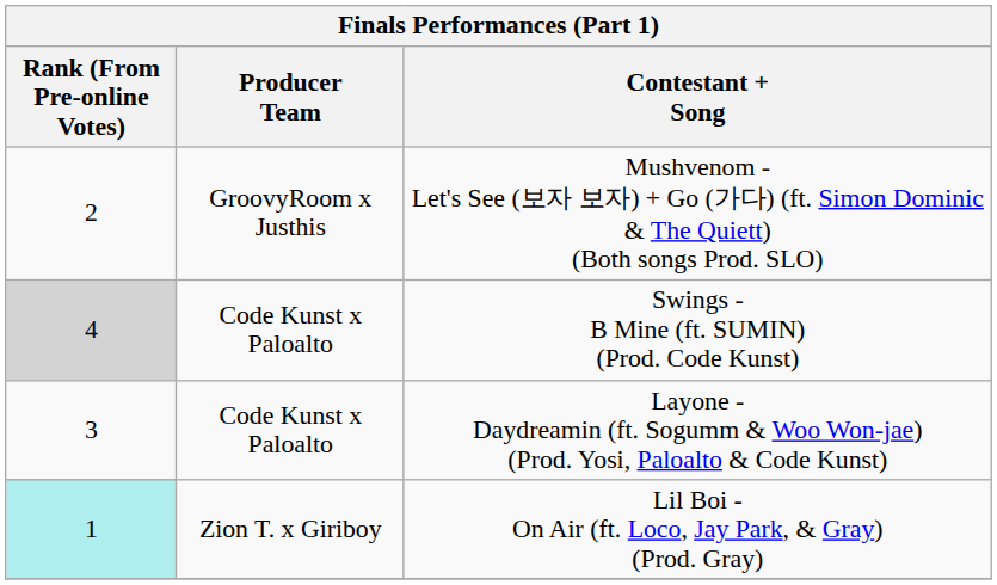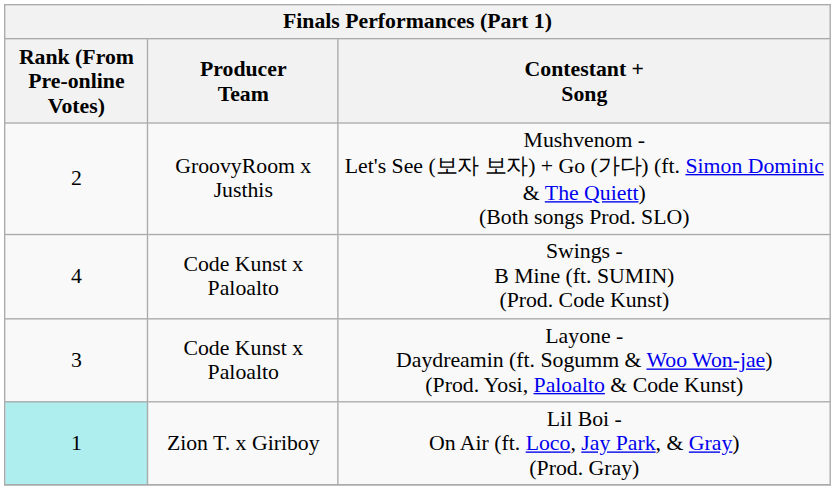 <table class="wikitable" style="text-align:center" border="2">
 <tr>
 <th colspan="4">Finals Performances (Part 1)</th>
 </tr>
 <tr>
 <th>Rank (From <br> Pre-online Votes)</th>
 <th>Producer <br> Team</th>
 <th>Contestant + <br> Song</th>
 </tr>
 <tr>
 <td>2</td>
 <td>GroovyRoom x Justhis</td>
 <td>Mushvenom -<br>Let's See (보자 보자) + Go (가다) (ft. <a href='#'>Simon Dominic</a> & <a href='#'>The Quiett</a>)<br>(Both songs Prod. SLO)</td>
 </tr>
 <tr>
-<td style="background: lightgrey;">4</td>
+<td>4</td>
 <td>Code Kunst x Paloalto</td>
 <td>Swings -<br>B Mine (ft. SUMIN)<br>(Prod. Code Kunst)</td>
 </tr>
 <tr>
 <td>3</td>
 <td>Code Kunst x Paloalto</td>
 <td>Layone -<br>Daydreamin (ft. Sogumm & <a href='#'>Woo Won-jae</a>)<br>(Prod. Yosi, <a href='#'>Paloalto</a> & Code Kunst)</td>
 </tr>
 <tr>
 <td style="background: paleturquoise;">1</td>
 <td>Zion T. x Giriboy</td>
 <td>Lil Boi -<br>On Air (ft. <a href='#'>Loco</a>, <a href='#'>Jay Park</a>, & <a href='#'>Gray</a>)<br>(Prod. Gray)</td>
 </tr>
 <tr>
 </tr>
 </table>
